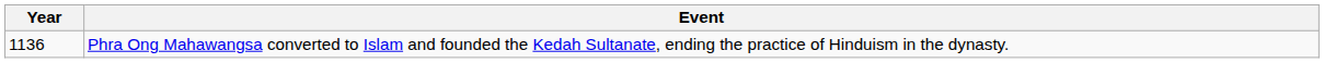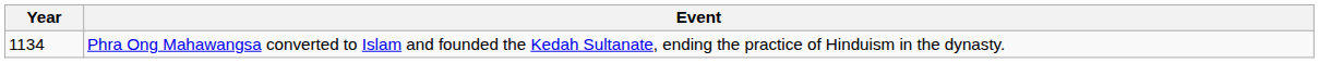 <table class="wikitable" width="100%">
 <tr>
 <th style="width:6%">Year</th>
 <th>Event</th>
 </tr>
 <tr>
-<td>1136</td>
+<td>1134</td>
 <td><a href='#'>Phra Ong Mahawangsa</a> converted to <a href='#'>Islam</a> and founded the <a href='#'>Kedah Sultanate</a>, ending the practice of Hinduism in the dynasty.</td>
 </tr>
 </table>
